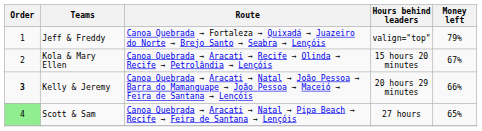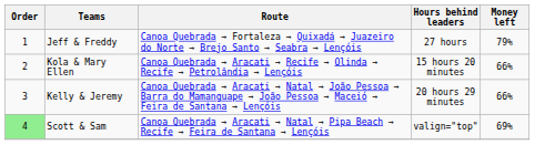 <table class="wikitable sortable" style="text-align:center">
 <tr>
 <th style="width:4em">Order</th>
 <th style="width:10em">Teams</th>
 <th style="width:30em">Route</th>
 <th style="width:5em">Hours behind leaders</th>
 <th style="width:5em">Money left</th>
 </tr>
 <tr>
 <td>1</td>
 <td style="text-align:left">Jeff & Freddy</td>
 <td style="text-align:left"><a href='#'>Canoa Quebrada</a>  → Fortaleza  → <a href='#'>Quixadá</a>  → <a href='#'>Juazeiro do Norte</a>  → <a href='#'>Brejo Santo</a> → <a href='#'>Seabra</a>  → <a href='#'>Lençóis</a></td>
-<td>valign="top" </td>
+<td>27 hours</td>
 <td>79%</td>
 </tr>
 <tr>
 <td>2</td>
 <td style="text-align:left">Kola & Mary Ellen</td>
 <td style="text-align:left"><a href='#'>Canoa Quebrada</a> → <a href='#'>Aracati</a>  → <a href='#'>Recife</a> → <a href='#'>Olinda</a>  → <a href='#'>Recife</a>  → <a href='#'>Petrolândia</a>  → <a href='#'>Lençóis</a></td>
 <td>15 hours 20 minutes</td>
-<td>67%</td>
+<td>66%</td>
 </tr>
 <tr>
-<td><strong>3</strong></td>
+<td>3</td>
 <td style="text-align:left">Kelly & Jeremy</td>
 <td style="text-align:left"><a href='#'>Canoa Quebrada</a>  → <a href='#'>Aracati</a>  → <a href='#'>Natal</a>  → <a href='#'>João Pessoa</a>  → <a href='#'>Barra do Mamanguape</a>  → <a href='#'>João Pessoa</a>  → <a href='#'>Maceió</a>  → <a href='#'>Feira de Santana</a>  → <a href='#'>Lençóis</a></td>
 <td>20 hours 29 minutes</td>
 <td>66%</td>
 </tr>
 <tr>
 <td style="background: lightgreen;">4</td>
 <td style="text-align:left">Scott & Sam</td>
 <td style="text-align:left"><a href='#'>Canoa Quebrada</a>  → <a href='#'>Aracati</a>  → <a href='#'>Natal</a>  → <a href='#'>Pipa Beach</a>  → <a href='#'>Recife</a>  → <a href='#'>Feira de Santana</a>  → <a href='#'>Lençóis</a></td>
-<td>27 hours</td>
-<td>65%</td>
+<td>valign="top" </td>
+<td>69%</td>
 </tr>
 <tr>
 </tr>
 </table>
